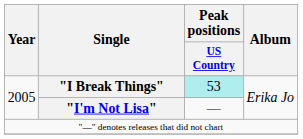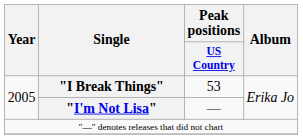 <table class="wikitable plainrowheaders" style="text-align:center;">
 <tr>
 <th rowspan="2">Year</th>
 <th rowspan="2" style="width:10em;">Single</th>
 <th colspan="1">Peak positions</th>
 <th rowspan="2">Album</th>
 </tr>
 <tr style="font-size:smaller;">
 <th width="60"><a href='#'>US Country</a><br></th>
 </tr>
 <tr>
 <td rowspan="2">2005</td>
 <th scope="row">"I Break Things"</th>
-<td style="background: paleturquoise;">53</td>
+<td>53</td>
 <td align="left" rowspan="2"><em>Erika Jo</em></td>
 </tr>
 <tr>
 <th scope="row">"<a href='#'>I'm Not Lisa</a>"</th>
 <td>—</td>
 </tr>
 <tr>
 <td colspan="10" style="font-size:8pt">"—" denotes releases that did not chart</td>
 </tr>
 <tr>
 </tr>
 </table>
